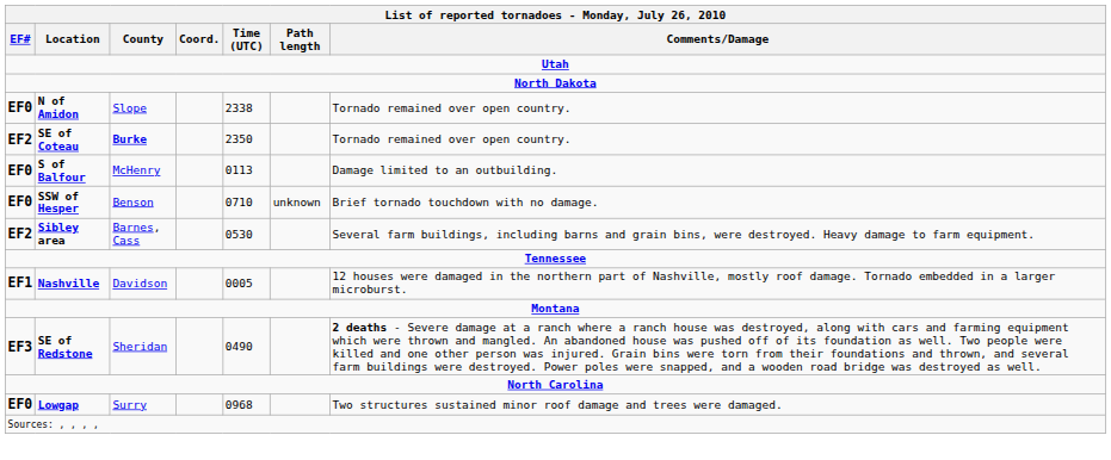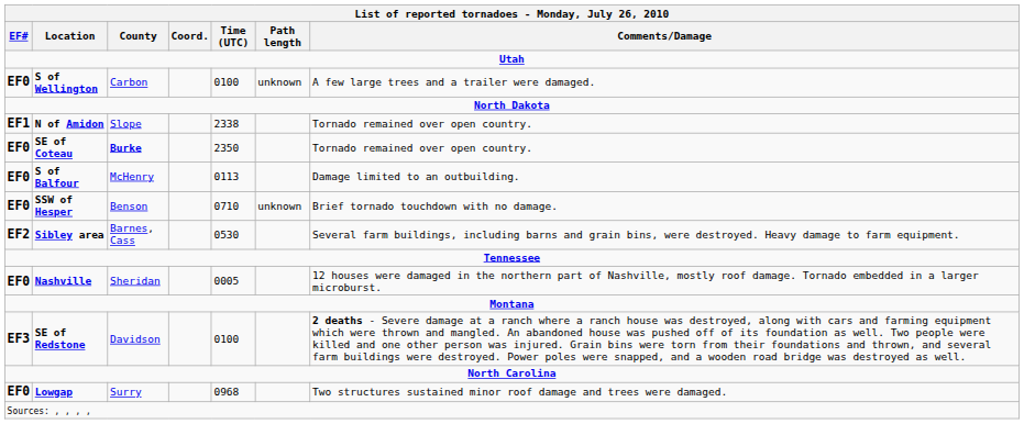 <table class="wikitable collapsible" style="width:100%;">
 <tr>
 <th colspan="7">List of reported tornadoes - Monday, July 26, 2010</th>
 </tr>
 <tr>
 <th><a href='#'>EF#</a></th>
 <th>Location</th>
 <th>County</th>
 <th>Coord.</th>
 <th>Time (UTC)</th>
 <th>Path length</th>
 <th>Comments/Damage</th>
 </tr>
 <tr>
 <td colspan="7" style="text-align:center;"><strong><a href='#'>Utah</a></strong></td>
 </tr>
 <tr>
+<td><big><strong>EF0</strong></big></td>
+<td><strong>S of <a href='#'>Wellington</a></strong></td>
+<td><a href='#'>Carbon</a></td>
+<td></td>
+<td>0100</td>
+<td>unknown</td>
+<td>A few large trees and a trailer were damaged.</td>
+</tr>
+<tr>
 <td colspan="7" style="text-align:center;"><strong><a href='#'>North Dakota</a></strong></td>
 </tr>
 <tr>
-<td><big><strong>EF0</strong></big></td>
+<td><big><strong>EF1</strong></big></td>
 <td><strong>N of <a href='#'>Amidon</a></strong></td>
 <td><a href='#'>Slope</a></td>
 <td></td>
 <td>2338</td>
 <td></td>
 <td>Tornado remained over open country.</td>
 </tr>
 <tr>
-<td><big><strong>EF2</strong></big></td>
+<td><big><strong>EF0</strong></big></td>
 <td><strong>SE of <a href='#'>Coteau</a></strong></td>
 <td><strong><a href='#'>Burke</a></strong></td>
 <td></td>
 <td>2350</td>
 <td></td>
 <td>Tornado remained over open country.</td>
 </tr>
 <tr>
 <td><big><strong>EF0</strong></big></td>
 <td><strong>S of <a href='#'>Balfour</a></strong></td>
 <td><a href='#'>McHenry</a></td>
 <td></td>
 <td>0113</td>
 <td></td>
 <td>Damage limited to an outbuilding.</td>
 </tr>
 <tr>
 <td><big><strong>EF0</strong></big></td>
 <td><strong>SSW of <a href='#'>Hesper</a></strong></td>
 <td><a href='#'>Benson</a></td>
 <td></td>
 <td>0710</td>
 <td>unknown</td>
 <td>Brief tornado touchdown with no damage.</td>
 </tr>
 <tr>
 <td><big><strong>EF2</strong></big></td>
 <td><strong><a href='#'>Sibley</a> area</strong></td>
 <td><a href='#'>Barnes</a>, <a href='#'>Cass</a></td>
 <td></td>
 <td>0530</td>
 <td></td>
 <td>Several farm buildings, including barns and grain bins, were destroyed. Heavy damage to farm equipment.</td>
 </tr>
 <tr>
 <td colspan="7" style="text-align:center;"><strong><a href='#'>Tennessee</a></strong></td>
 </tr>
 <tr>
-<td><big><strong>EF1</strong></big></td>
+<td><big><strong>EF0</strong></big></td>
 <td><strong><a href='#'>Nashville</a></strong></td>
-<td><a href='#'>Davidson</a></td>
+<td><a href='#'>Sheridan</a></td>
 <td></td>
 <td>0005</td>
 <td></td>
 <td>12 houses were damaged in the northern part of Nashville, mostly roof damage. Tornado embedded in a larger microburst.</td>
 </tr>
 <tr>
 <td colspan="7" style="text-align:center;"><strong><a href='#'>Montana</a></strong></td>
 </tr>
 <tr>
 <td><big><strong>EF3</strong></big></td>
 <td><strong>SE of <a href='#'>Redstone</a></strong></td>
-<td><a href='#'>Sheridan</a></td>
+<td><a href='#'>Davidson</a></td>
 <td></td>
-<td>0490</td>
+<td>0100</td>
 <td></td>
 <td><strong>2 deaths</strong> - Severe damage at a ranch where a ranch house was destroyed, along with cars and farming equipment which were thrown and mangled. An abandoned house was pushed off of its foundation as well. Two people were killed and one other person was injured. Grain bins were torn from their foundations and thrown, and several farm buildings were destroyed. Power poles were snapped, and a wooden road bridge was destroyed as well.</td>
 </tr>
 <tr>
 <td colspan="7" style="text-align:center;"><strong><a href='#'>North Carolina</a></strong></td>
 </tr>
 <tr>
 <td><big><strong>EF0</strong></big></td>
 <td><strong><a href='#'>Lowgap</a></strong></td>
 <td><a href='#'>Surry</a></td>
 <td></td>
 <td>0968</td>
 <td></td>
 <td>Two structures sustained minor roof damage and trees were damaged.</td>
 </tr>
 <tr>
 <td colspan="7"><small>Sources: , , , , </small></td>
 </tr>
 </table>
